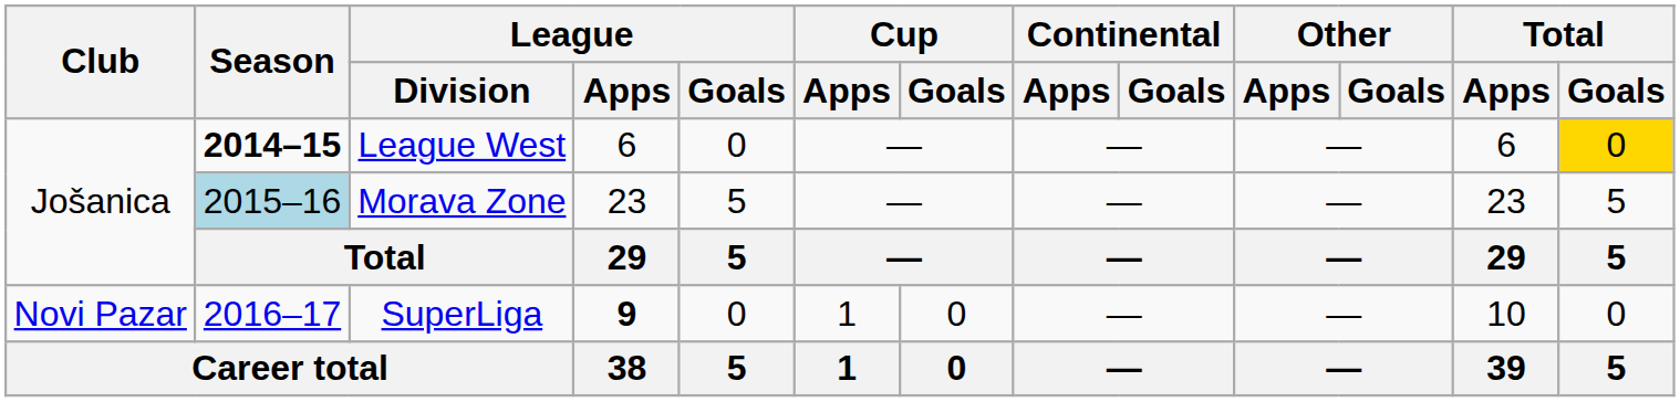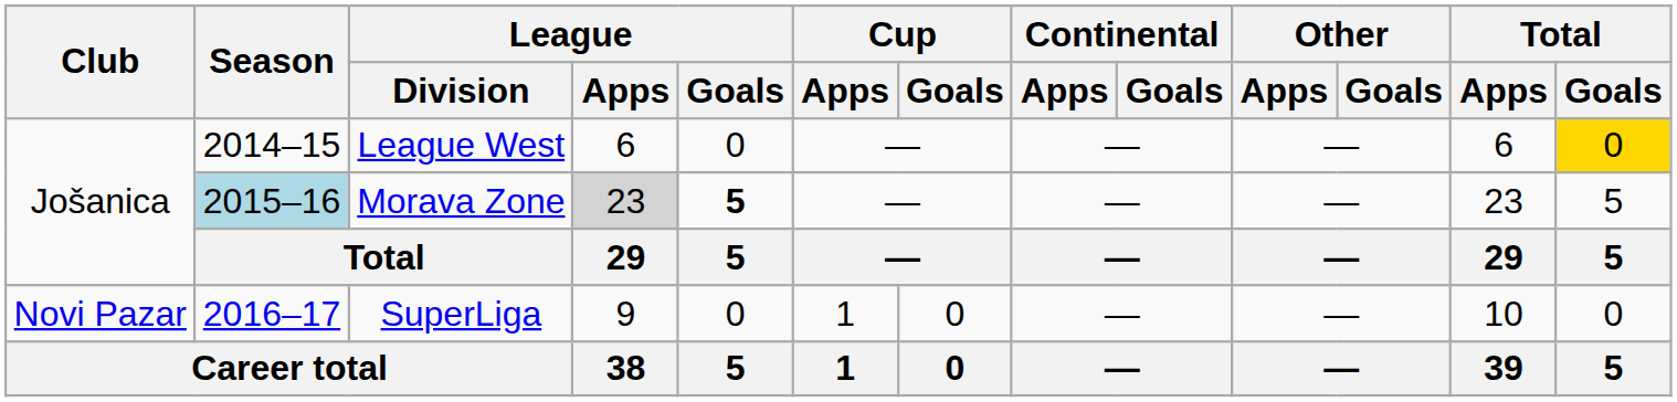 <table class="wikitable" style="text-align: center;font-size:90%">
 <tr>
 <th rowspan="2">Club</th>
 <th rowspan="2">Season</th>
 <th colspan="3">League</th>
 <th colspan="2">Cup</th>
 <th colspan="2">Continental</th>
 <th colspan="2">Other</th>
 <th colspan="2">Total</th>
 </tr>
 <tr>
 <th>Division</th>
 <th>Apps</th>
 <th>Goals</th>
 <th>Apps</th>
 <th>Goals</th>
 <th>Apps</th>
 <th>Goals</th>
 <th>Apps</th>
 <th>Goals</th>
 <th>Apps</th>
 <th>Goals</th>
 </tr>
 <tr>
 <td rowspan="3" valign="center">Jošanica</td>
-<td><strong>2014–15</strong></td>
+<td>2014–15</td>
 <td><a href='#'>League West</a></td>
 <td>6</td>
 <td>0</td>
 <td colspan="2">—</td>
 <td colspan="2">—</td>
 <td colspan="2">—</td>
 <td>6</td>
 <td style="background: gold;">0</td>
 </tr>
 <tr>
 <td style="background: lightblue;">2015–16</td>
 <td><a href='#'>Morava Zone</a></td>
-<td>23</td>
-<td>5</td>
+<td style="background: lightgrey;">23</td>
+<td><strong>5</strong></td>
 <td colspan="2">—</td>
 <td colspan="2">—</td>
 <td colspan="2">—</td>
 <td>23</td>
 <td>5</td>
 </tr>
 <tr>
 <th colspan="2">Total</th>
 <th>29</th>
 <th>5</th>
 <th colspan="2">—</th>
 <th colspan="2">—</th>
 <th colspan="2">—</th>
 <th>29</th>
 <th>5</th>
 </tr>
 <tr>
 <td><a href='#'>Novi Pazar</a></td>
 <td><a href='#'>2016–17</a></td>
 <td><a href='#'>SuperLiga</a></td>
-<td><strong>9</strong></td>
+<td>9</td>
 <td>0</td>
 <td>1</td>
 <td>0</td>
 <td colspan="2">—</td>
 <td colspan="2">—</td>
 <td>10</td>
 <td>0</td>
 </tr>
 <tr>
 <th colspan="3">Career total</th>
 <th>38</th>
 <th>5</th>
 <th>1</th>
 <th>0</th>
 <th colspan="2">—</th>
 <th colspan="2">—</th>
 <th>39</th>
 <th>5</th>
 </tr>
 </table>
